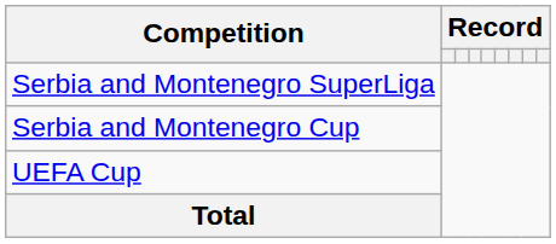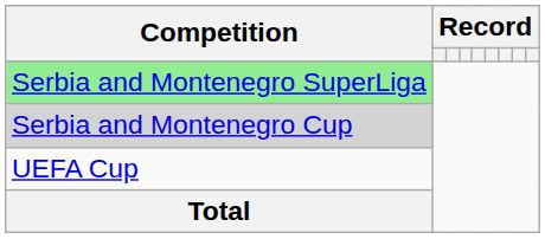 <table class="wikitable" style="text-align: left">
 <tr>
 <th rowspan=2>Competition</th>
 <th colspan=8>Record</th>
 </tr>
 <tr>
 <th></th>
 <th></th>
 <th></th>
 <th></th>
 <th></th>
 <th></th>
 <th></th>
 <th></th>
 </tr>
 <tr>
-<td><a href='#'>Serbia and Montenegro SuperLiga</a><br></td>
+<td style="background: lightgreen;"><a href='#'>Serbia and Montenegro SuperLiga</a><br></td>
 </tr>
 <tr>
-<td><a href='#'>Serbia and Montenegro Cup</a><br></td>
+<td style="background: lightgrey;"><a href='#'>Serbia and Montenegro Cup</a><br></td>
 </tr>
 <tr>
 <td><a href='#'>UEFA Cup</a><br></td>
 </tr>
 <tr>
 <th>Total<br></th>
 </tr>
 </table>
